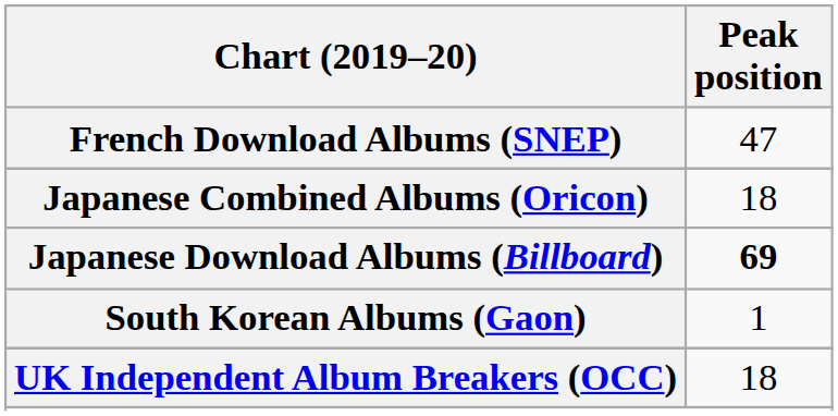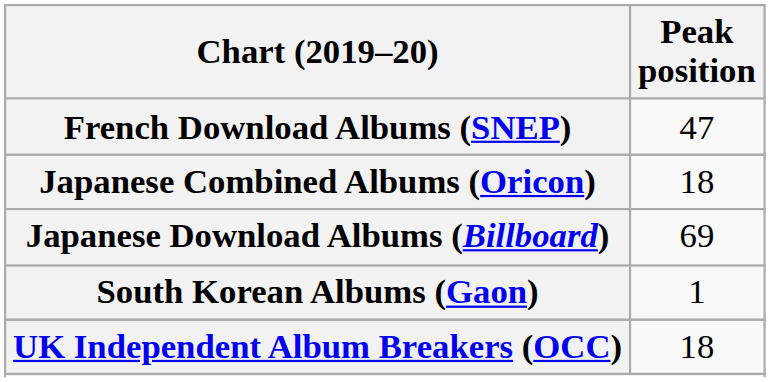 <table class="wikitable sortable plainrowheaders" style="text-align:center">
 <tr>
 <th scope="col">Chart (2019–20)</th>
 <th scope="col">Peak<br>position</th>
 </tr>
 <tr>
 <th scope="row">French Download Albums (<a href='#'>SNEP</a>)</th>
 <td>47</td>
 </tr>
 <tr>
 </tr>
 <tr>
 </tr>
 <tr>
 <th scope="row">Japanese Combined Albums (<a href='#'>Oricon</a>)</th>
 <td>18</td>
 </tr>
 <tr>
 <th scope="row">Japanese Download Albums (<a href='#'><em>Billboard</em></a>)</th>
-<td><strong>69</strong></td>
+<td>69</td>
 </tr>
 <tr>
 <th scope="row">South Korean Albums (<a href='#'>Gaon</a>)</th>
 <td>1</td>
 </tr>
 <tr>
 </tr>
 <tr>
 <th scope="row"><a href='#'>UK Independent Album Breakers</a> (<a href='#'>OCC</a>)</th>
 <td>18</td>
 </tr>
 <tr>
 </tr>
 <tr>
 </tr>
 <tr>
 </tr>
 </table>
